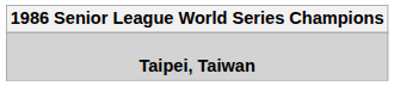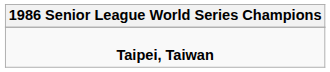 <table class="wikitable" style="text-align: center; margin: 0 auto;">
 <tr>
 <th>1986 Senior League World Series Champions</th>
 </tr>
 <tr>
 </tr>
 <tr>
-<td style="background: lightgrey;"><br><strong>Taipei, Taiwan</strong></td>
+<td><br><strong>Taipei, Taiwan</strong></td>
 </tr>
 </table>
